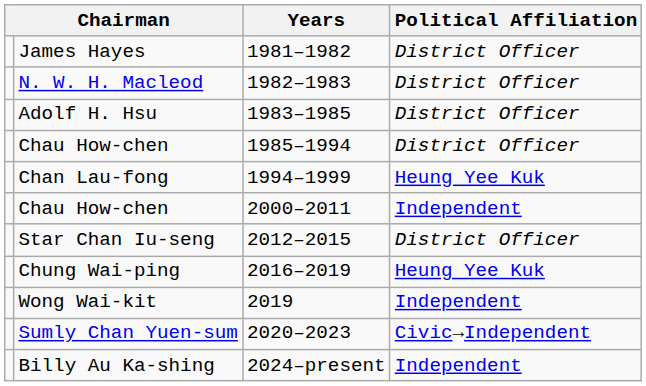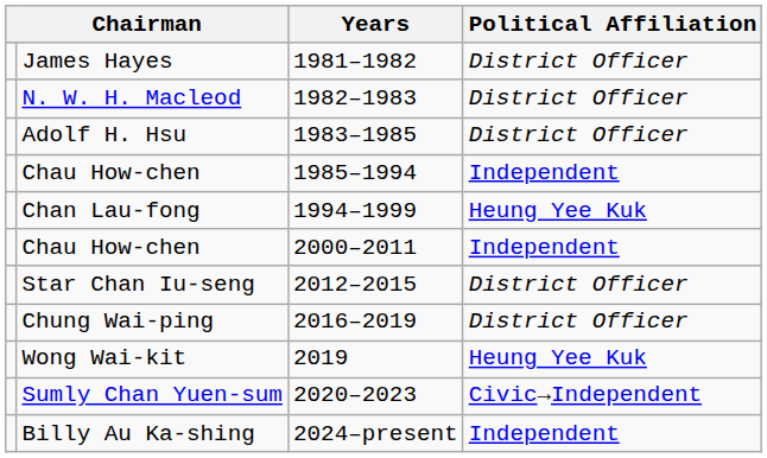 <table class="wikitable">
 <tr>
 <th colspan=2>Chairman</th>
 <th>Years</th>
 <th>Political Affiliation</th>
 </tr>
 <tr>
 <td></td>
 <td>James Hayes</td>
 <td>1981–1982</td>
 <td><em>District Officer</em></td>
 </tr>
 <tr>
 <td></td>
 <td><a href='#'>N. W. H. Macleod</a></td>
 <td>1982–1983</td>
 <td><em>District Officer</em></td>
 </tr>
 <tr>
 <td></td>
 <td>Adolf H. Hsu</td>
 <td>1983–1985</td>
 <td><em>District Officer</em></td>
 </tr>
 <tr>
 <td></td>
 <td>Chau How-chen</td>
 <td>1985–1994</td>
-<td><em>District Officer</em></td>
+<td><a href='#'>Independent</a></td>
 </tr>
 <tr>
 <td></td>
 <td>Chan Lau-fong</td>
 <td>1994–1999</td>
 <td><a href='#'>Heung Yee Kuk</a></td>
 </tr>
 <tr>
 <td></td>
 <td>Chau How-chen</td>
 <td>2000–2011</td>
 <td><a href='#'>Independent</a></td>
 </tr>
 <tr>
 <td></td>
 <td>Star Chan Iu-seng</td>
 <td>2012–2015</td>
 <td><em>District Officer</em></td>
 </tr>
 <tr>
 <td></td>
 <td>Chung Wai-ping</td>
 <td>2016–2019</td>
-<td><a href='#'>Heung Yee Kuk</a></td>
+<td><em>District Officer</em></td>
 </tr>
 <tr>
 <td></td>
 <td>Wong Wai-kit</td>
 <td>2019</td>
-<td><a href='#'>Independent</a></td>
+<td><a href='#'>Heung Yee Kuk</a></td>
 </tr>
 <tr>
 <td></td>
 <td><a href='#'>Sumly Chan Yuen-sum</a></td>
 <td>2020–2023</td>
 <td><a href='#'>Civic</a>→<a href='#'>Independent</a></td>
 </tr>
 <tr>
 <td></td>
 <td>Billy Au Ka-shing</td>
 <td>2024–present</td>
 <td><a href='#'>Independent</a></td>
 </tr>
 </table>
